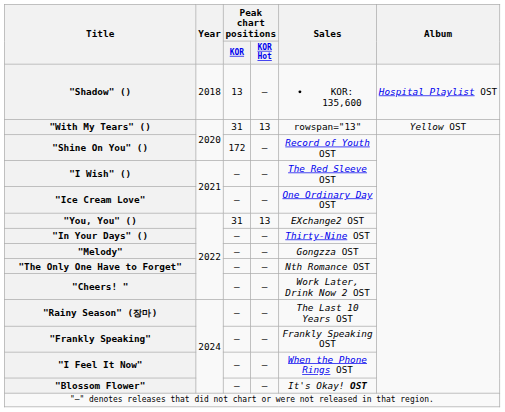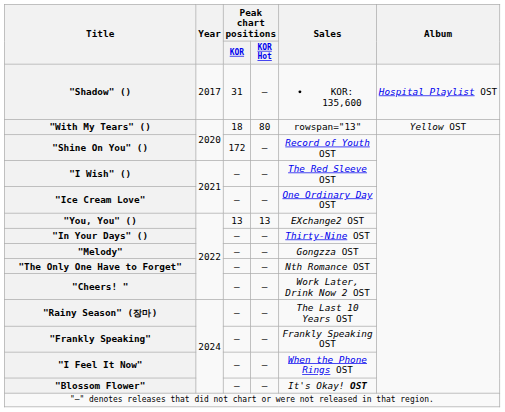 <table class="wikitable plainrowheaders" style="text-align:center" border="1">
 <tr>
 <th scope="col" rowspan="2" style="width:20em">Title</th>
 <th scope="col" rowspan="2">Year</th>
 <th colspan="2" scope="col" style="width:5em">Peak chart positions</th>
 <th scope="col" rowspan="2" style="width:10em;">Sales</th>
 <th scope="col" rowspan="2">Album</th>
 </tr>
 <tr>
 <th scope="col" style="width:3em;font-size:85%"><a href='#'>KOR</a><br></th>
 <th scope="col" style="width:3em;font-size:85%"><a href='#'>KOR<br>Hot</a><br></th>
 </tr>
 <tr>
 <th scope="row">"Shadow" ()</th>
-<td>2018</td>
-<td>13</td>
+<td>2017</td>
+<td>31</td>
 <td>—</td>
 <td><br><ul><li>KOR: 135,600</li></ul></td>
 <td><em><a href='#'>Hospital Playlist</a></em> OST</td>
 </tr>
 <tr>
 <th scope="row">"With My Tears" ()</th>
 <td rowspan="2">2020</td>
-<td>31</td>
-<td>13</td>
+<td>18</td>
+<td>80</td>
 <td>rowspan="13" </td>
 <td><em>Yellow</em> OST</td>
 </tr>
 <tr>
 <th scope="row">"Shine On You" ()</th>
 <td>172</td>
 <td>—</td>
 <td><em><a href='#'>Record of Youth</a></em> OST</td>
 </tr>
 <tr>
 <th scope="row">"I Wish" ()</th>
 <td rowspan="2">2021</td>
 <td>—</td>
 <td>—</td>
 <td><em><a href='#'>The Red Sleeve</a></em> OST</td>
 </tr>
 <tr>
 <th scope="row">"Ice Cream Love"</th>
 <td>—</td>
 <td>—</td>
 <td><em><a href='#'>One Ordinary Day</a></em> OST</td>
 </tr>
 <tr>
 <th scope="row">"You, You" ()</th>
 <td rowspan="5">2022</td>
-<td>31</td>
+<td>13</td>
 <td>13</td>
 <td><em>EXchange2 </em> OST</td>
 </tr>
 <tr>
 <th scope="row">"In Your Days" ()</th>
 <td>—</td>
 <td>—</td>
 <td><em><a href='#'>Thirty-Nine</a></em> OST</td>
 </tr>
 <tr>
 <th scope="row">"Melody"</th>
 <td>—</td>
 <td>—</td>
 <td><em>Gongzza</em> OST</td>
 </tr>
 <tr>
 <th scope="row">"The Only One Have to Forget"</th>
 <td>—</td>
 <td>—</td>
 <td><em>Nth Romance</em> OST</td>
 </tr>
 <tr>
 <th scope="row">"Cheers! "</th>
 <td>—</td>
 <td>—</td>
 <td><em>Work Later, Drink Now 2</em> OST</td>
 </tr>
 <tr>
 <th scope="row">"Rainy Season" (장마)</th>
 <td rowspan="4">2024</td>
 <td>—</td>
 <td>—</td>
 <td><em>The Last 10 Years</em> OST</td>
 </tr>
 <tr>
 <th scope="row">"Frankly Speaking" </th>
 <td>—</td>
 <td>—</td>
 <td><em>Frankly Speaking</em> OST</td>
 </tr>
 <tr>
 <th scope="row">"I Feel It Now"</th>
 <td>—</td>
 <td>—</td>
 <td><em><a href='#'>When the Phone Rings</a></em> OST</td>
 </tr>
 <tr>
 <th scope="row">"Blossom Flower"</th>
 <td>—</td>
 <td>—</td>
 <td><em>It's Okay!<strong> OST</td>
 </tr>
 <tr>
 <td colspan="6" style="font-size:85%">"—" denotes releases that did not chart or were not released in that region.</td>
 </tr>
 </table>
